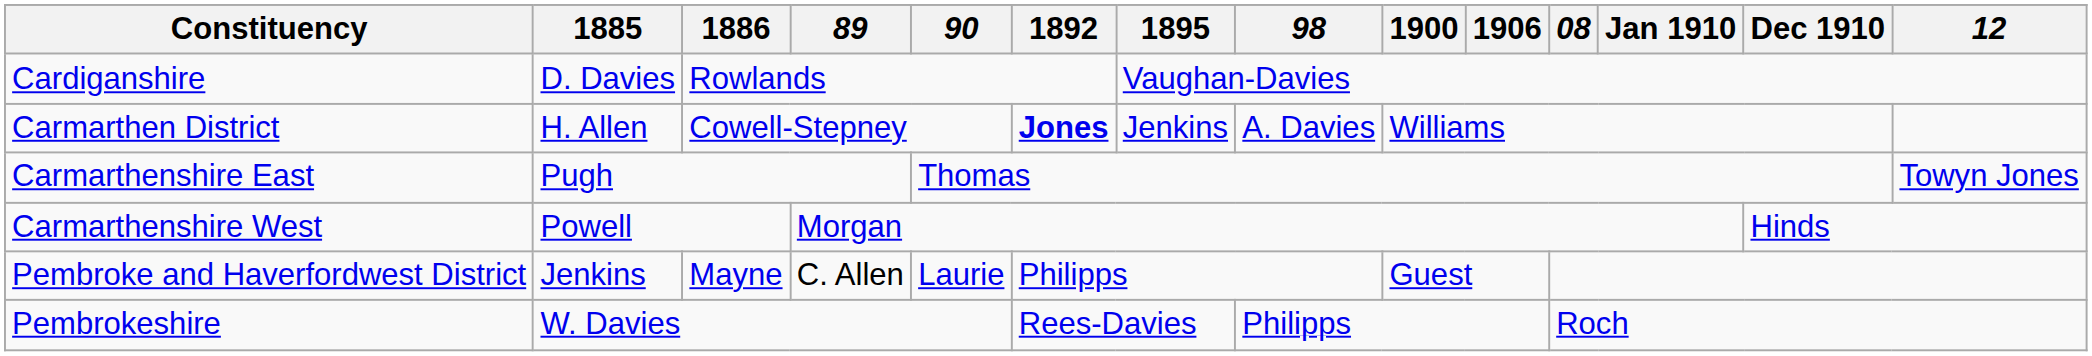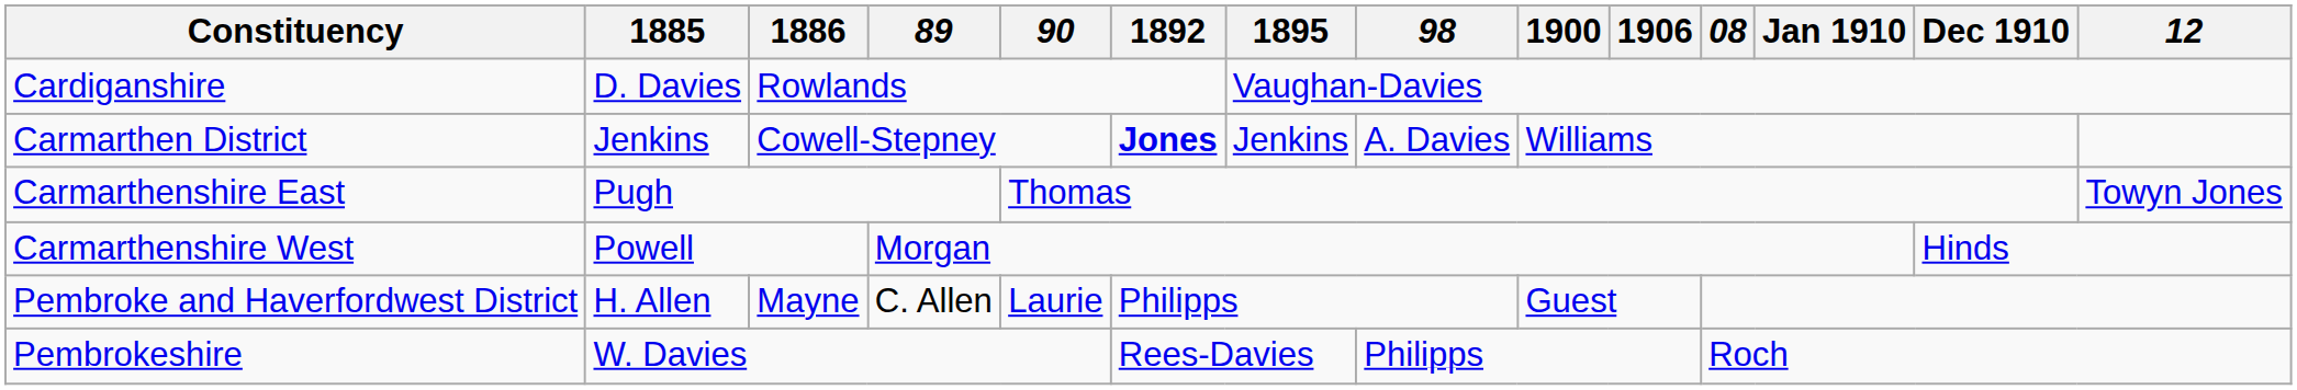 <table class="wikitable">
 <tr>
 <th>Constituency</th>
 <th>1885</th>
 <th>1886</th>
 <th><em>89</em></th>
 <th><em>90</em></th>
 <th>1892</th>
 <th>1895</th>
 <th><em>98</em></th>
 <th>1900</th>
 <th>1906</th>
 <th><em>08</em></th>
 <th>Jan 1910</th>
 <th>Dec 1910</th>
 <th><em>12</em></th>
 </tr>
 <tr>
 <td><a href='#'>Cardiganshire</a></td>
 <td><a href='#'>D. Davies</a></td>
 <td colspan="4"><a href='#'>Rowlands</a></td>
 <td colspan="8"><a href='#'>Vaughan-Davies</a></td>
 </tr>
 <tr>
 <td><a href='#'>Carmarthen District</a></td>
-<td><a href='#'>H. Allen</a></td>
+<td><a href='#'>Jenkins</a></td>
 <td colspan="3"><a href='#'>Cowell-Stepney</a></td>
 <td><strong><a href='#'>Jones</a></strong></td>
 <td><a href='#'>Jenkins</a></td>
 <td><a href='#'>A. Davies</a></td>
 <td colspan="5"><a href='#'>Williams</a></td>
 </tr>
 <tr>
 <td><a href='#'>Carmarthenshire East</a></td>
 <td colspan="3"><a href='#'>Pugh</a></td>
 <td colspan="9"><a href='#'>Thomas</a></td>
 <td><a href='#'>Towyn Jones</a></td>
 </tr>
 <tr>
 <td><a href='#'>Carmarthenshire West</a></td>
 <td colspan="2"><a href='#'>Powell</a></td>
 <td colspan="9"><a href='#'>Morgan</a></td>
 <td colspan="2"><a href='#'>Hinds</a></td>
 </tr>
 <tr>
 <td><a href='#'>Pembroke and Haverfordwest District</a></td>
-<td><a href='#'>Jenkins</a></td>
+<td><a href='#'>H. Allen</a></td>
 <td><a href='#'>Mayne</a></td>
 <td>C. Allen</td>
 <td><a href='#'>Laurie</a></td>
 <td colspan="3"><a href='#'>Philipps</a></td>
 <td colspan="2"><a href='#'>Guest</a></td>
 </tr>
 <tr>
 <td><a href='#'>Pembrokeshire</a></td>
 <td colspan="4"><a href='#'>W. Davies</a></td>
 <td colspan="2"><a href='#'>Rees-Davies</a></td>
 <td colspan="3"><a href='#'>Philipps</a></td>
 <td colspan="4"><a href='#'>Roch</a></td>
 </tr>
 </table>
